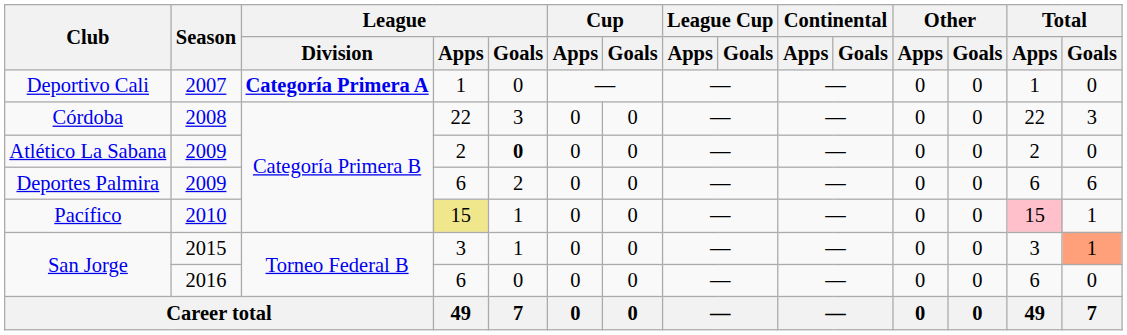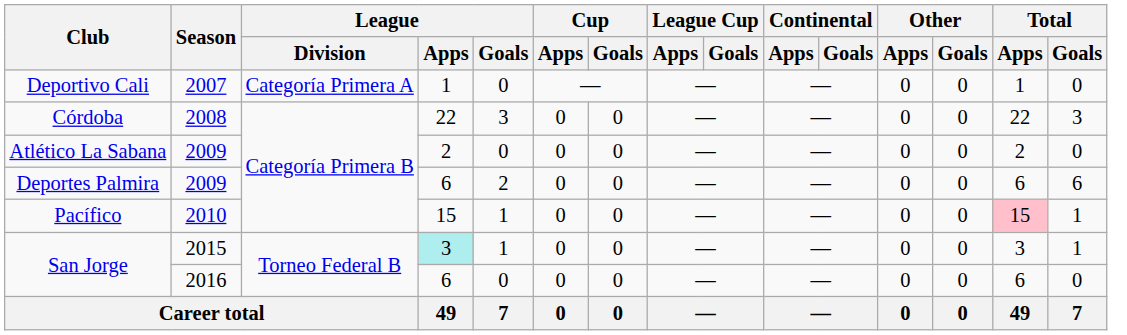 <table class="wikitable" style="text-align:center">
 <tr>
 <th rowspan="2">Club</th>
 <th rowspan="2">Season</th>
 <th colspan="3">League</th>
 <th colspan="2">Cup</th>
 <th colspan="2">League Cup</th>
 <th colspan="2">Continental</th>
 <th colspan="2">Other</th>
 <th colspan="2">Total</th>
 </tr>
 <tr>
 <th>Division</th>
 <th>Apps</th>
 <th>Goals</th>
 <th>Apps</th>
 <th>Goals</th>
 <th>Apps</th>
 <th>Goals</th>
 <th>Apps</th>
 <th>Goals</th>
 <th>Apps</th>
 <th>Goals</th>
 <th>Apps</th>
 <th>Goals</th>
 </tr>
 <tr>
 <td rowspan="1"><a href='#'>Deportivo Cali</a></td>
 <td><a href='#'>2007</a></td>
-<td rowspan="1"><strong><a href='#'>Categoría Primera A</a></strong></td>
+<td rowspan="1"><a href='#'>Categoría Primera A</a></td>
 <td>1</td>
 <td>0</td>
 <td colspan="2">—</td>
 <td colspan="2">—</td>
 <td colspan="2">—</td>
 <td>0</td>
 <td>0</td>
 <td>1</td>
 <td>0</td>
 </tr>
 <tr>
 <td rowspan="1"><a href='#'>Córdoba</a></td>
 <td><a href='#'>2008</a></td>
 <td rowspan="4"><a href='#'>Categoría Primera B</a></td>
 <td>22</td>
 <td>3</td>
 <td>0</td>
 <td>0</td>
 <td colspan="2">—</td>
 <td colspan="2">—</td>
 <td>0</td>
 <td>0</td>
 <td>22</td>
 <td>3</td>
 </tr>
 <tr>
 <td rowspan="1"><a href='#'>Atlético La Sabana</a></td>
 <td><a href='#'>2009</a></td>
 <td>2</td>
-<td><strong>0</strong></td>
+<td>0</td>
 <td>0</td>
 <td>0</td>
 <td colspan="2">—</td>
 <td colspan="2">—</td>
 <td>0</td>
 <td>0</td>
 <td>2</td>
 <td>0</td>
 </tr>
 <tr>
 <td rowspan="1"><a href='#'>Deportes Palmira</a></td>
 <td><a href='#'>2009</a></td>
 <td>6</td>
 <td>2</td>
 <td>0</td>
 <td>0</td>
 <td colspan="2">—</td>
 <td colspan="2">—</td>
 <td>0</td>
 <td>0</td>
 <td>6</td>
 <td>6</td>
 </tr>
 <tr>
 <td rowspan="1"><a href='#'>Pacífico</a></td>
 <td><a href='#'>2010</a></td>
-<td style="background: khaki;">15</td>
+<td>15</td>
 <td>1</td>
 <td>0</td>
 <td>0</td>
 <td colspan="2">—</td>
 <td colspan="2">—</td>
 <td>0</td>
 <td>0</td>
 <td style="background: pink;">15</td>
 <td>1</td>
 </tr>
 <tr>
 <td rowspan="2"><a href='#'>San Jorge</a></td>
 <td>2015</td>
 <td rowspan="2"><a href='#'>Torneo Federal B</a></td>
-<td>3</td>
+<td style="background: paleturquoise;">3</td>
 <td>1</td>
 <td>0</td>
 <td>0</td>
 <td colspan="2">—</td>
 <td colspan="2">—</td>
 <td>0</td>
 <td>0</td>
 <td>3</td>
-<td style="background: lightsalmon;">1</td>
+<td>1</td>
 </tr>
 <tr>
 <td>2016</td>
 <td>6</td>
 <td>0</td>
 <td>0</td>
 <td>0</td>
 <td colspan="2">—</td>
 <td colspan="2">—</td>
 <td>0</td>
 <td>0</td>
 <td>6</td>
 <td>0</td>
 </tr>
 <tr>
 <th colspan="3">Career total</th>
 <th>49</th>
 <th>7</th>
 <th>0</th>
 <th>0</th>
 <th colspan="2">—</th>
 <th colspan="2">—</th>
 <th>0</th>
 <th>0</th>
 <th>49</th>
 <th>7</th>
 </tr>
 </table>
